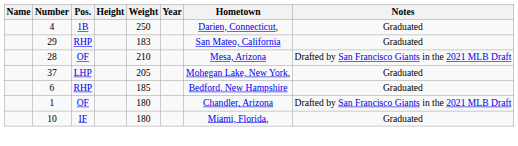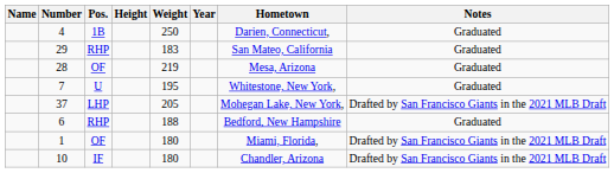 <table class="wikitable sortable sortable" style="text-align: center">
 <tr align=center>
 <th>Name</th>
 <th>Number</th>
 <th>Pos.</th>
 <th>Height</th>
 <th>Weight</th>
 <th>Year</th>
 <th>Hometown</th>
 <th>Notes</th>
 </tr>
 <tr>
 <td></td>
 <td>4</td>
 <td><a href='#'>1B</a></td>
 <td></td>
 <td>250</td>
 <td></td>
 <td><a href='#'>Darien, Connecticut</a>,</td>
 <td>Graduated</td>
 </tr>
 <tr>
 <td></td>
 <td>29</td>
 <td><a href='#'>RHP</a></td>
 <td></td>
 <td>183</td>
 <td></td>
 <td><a href='#'>San Mateo, California</a></td>
 <td>Graduated</td>
 </tr>
 <tr>
 <td></td>
 <td>28</td>
 <td><a href='#'>OF</a></td>
 <td></td>
-<td>210</td>
+<td>219</td>
 <td></td>
 <td><a href='#'>Mesa, Arizona</a></td>
-<td>Drafted by <a href='#'>San Francisco Giants</a> in the <a href='#'>2021 MLB Draft</a></td>
+<td>Graduated</td>
+</tr>
+<tr>
+<td></td>
+<td>7</td>
+<td><a href='#'>U</a></td>
+<td></td>
+<td>195</td>
+<td></td>
+<td><a href='#'>Whitestone, New York</a>,</td>
+<td>Graduated</td>
 </tr>
 <tr>
 <td></td>
 <td>37</td>
 <td><a href='#'>LHP</a></td>
 <td></td>
 <td>205</td>
 <td></td>
 <td><a href='#'>Mohegan Lake, New York</a>,</td>
-<td>Graduated</td>
+<td>Drafted by <a href='#'>San Francisco Giants</a> in the <a href='#'>2021 MLB Draft</a></td>
 </tr>
 <tr>
 <td></td>
 <td>6</td>
 <td><a href='#'>RHP</a></td>
 <td></td>
-<td>185</td>
+<td>188</td>
 <td></td>
 <td><a href='#'>Bedford, New Hampshire</a></td>
 <td>Graduated</td>
 </tr>
 <tr>
 <td></td>
 <td>1</td>
 <td><a href='#'>OF</a></td>
 <td></td>
 <td>180</td>
 <td></td>
-<td><a href='#'>Chandler, Arizona</a></td>
+<td><a href='#'>Miami, Florida</a>,</td>
 <td>Drafted by <a href='#'>San Francisco Giants</a> in the <a href='#'>2021 MLB Draft</a></td>
 </tr>
 <tr>
 <td></td>
 <td>10</td>
 <td><a href='#'>IF</a></td>
 <td></td>
 <td>180</td>
 <td></td>
-<td><a href='#'>Miami, Florida</a>,</td>
-<td>Graduated</td>
+<td><a href='#'>Chandler, Arizona</a></td>
+<td>Drafted by <a href='#'>San Francisco Giants</a> in the <a href='#'>2021 MLB Draft</a></td>
 </tr>
 </table>
